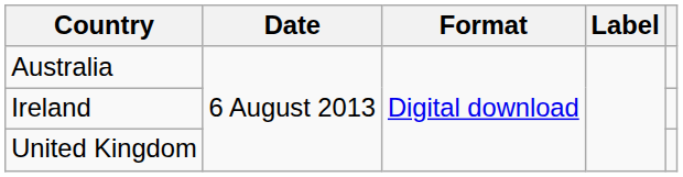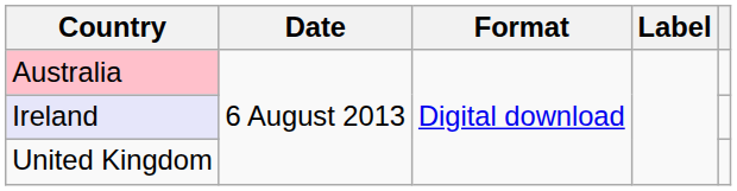 <table class="wikitable">
 <tr>
 <th scope="col">Country</th>
 <th scope="col">Date</th>
 <th scope="col">Format</th>
 <th scope="col">Label</th>
 <th scope="col"></th>
 </tr>
 <tr>
-<td>Australia</td>
+<td style="background: pink;">Australia</td>
 <td rowspan="3">6 August 2013</td>
 <td rowspan="3"><a href='#'>Digital download</a></td>
 <td rowspan="3"></td>
 <td></td>
 </tr>
 <tr>
-<td>Ireland</td>
+<td style="background: lavender;">Ireland</td>
 <td></td>
 </tr>
 <tr>
 <td>United Kingdom</td>
 <td></td>
 </tr>
 </table>
